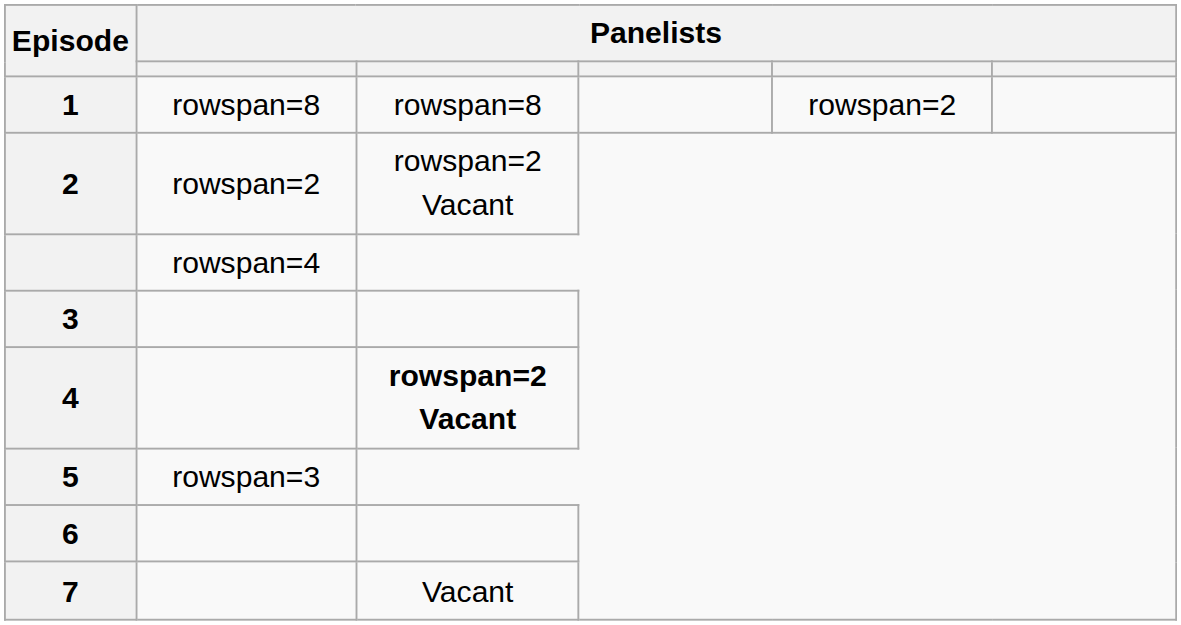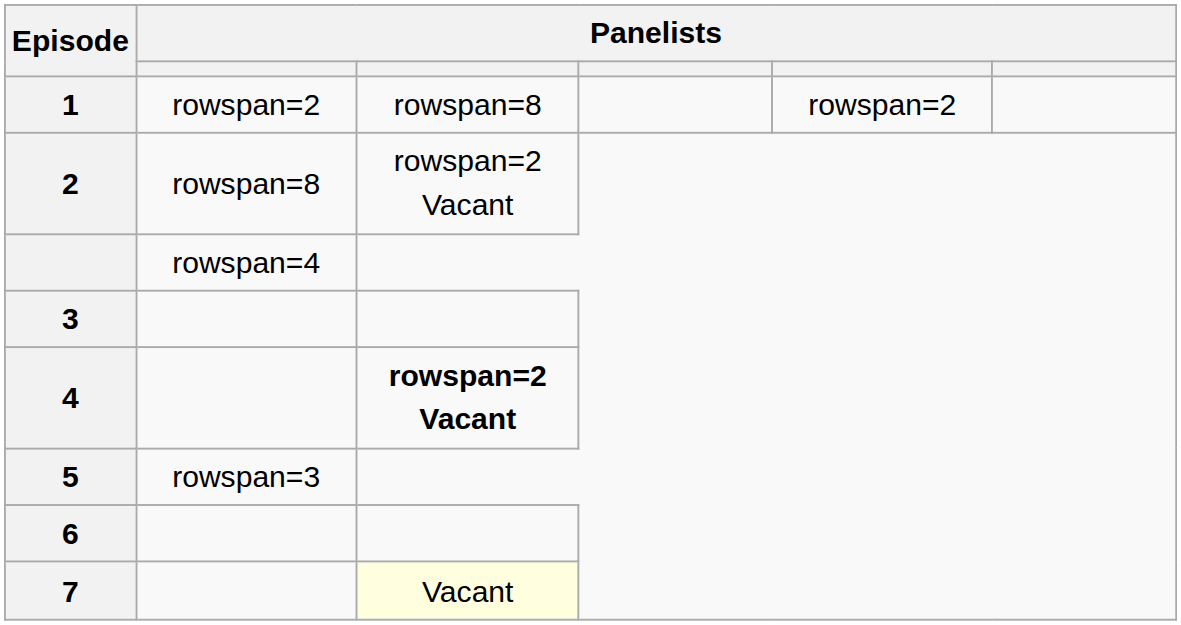 <table class="wikitable plainrowheaders mw-collapsible" style="text-align:center; line-height:23px; width:100%;">
 <tr>
 <th rowspan=2 width=01%>Episode</th>
 <th colspan=5>Panelists</th>
 </tr>
 <tr>
 <th width="20%"></th>
 <th width="20%"></th>
 <th width="20%"></th>
 <th width="20%"></th>
 <th width="20%"></th>
 </tr>
 <tr>
 <th>1</th>
-<td>rowspan=8 </td>
+<td>rowspan=2 </td>
 <td>rowspan=8 </td>
 <td></td>
 <td>rowspan=2 </td>
 <td></td>
 </tr>
 <tr>
 <th>2</th>
-<td>rowspan=2 </td>
+<td>rowspan=8 </td>
 <td>rowspan=2  Vacant</td>
 </tr>
 <tr>
 <th></th>
 <td>rowspan=4 </td>
 </tr>
 <tr>
 <th>3</th>
 <td></td>
 <td></td>
 </tr>
 <tr>
 <th>4</th>
 <td></td>
 <td><strong>rowspan=2  Vacant</strong></td>
 </tr>
 <tr>
 <th>5</th>
 <td>rowspan=3 </td>
 </tr>
 <tr>
 <th>6</th>
 <td></td>
 <td></td>
 </tr>
 <tr>
 <th>7</th>
 <td></td>
-<td> Vacant</td>
+<td style="background: lightyellow;"> Vacant</td>
 </tr>
 </table>
